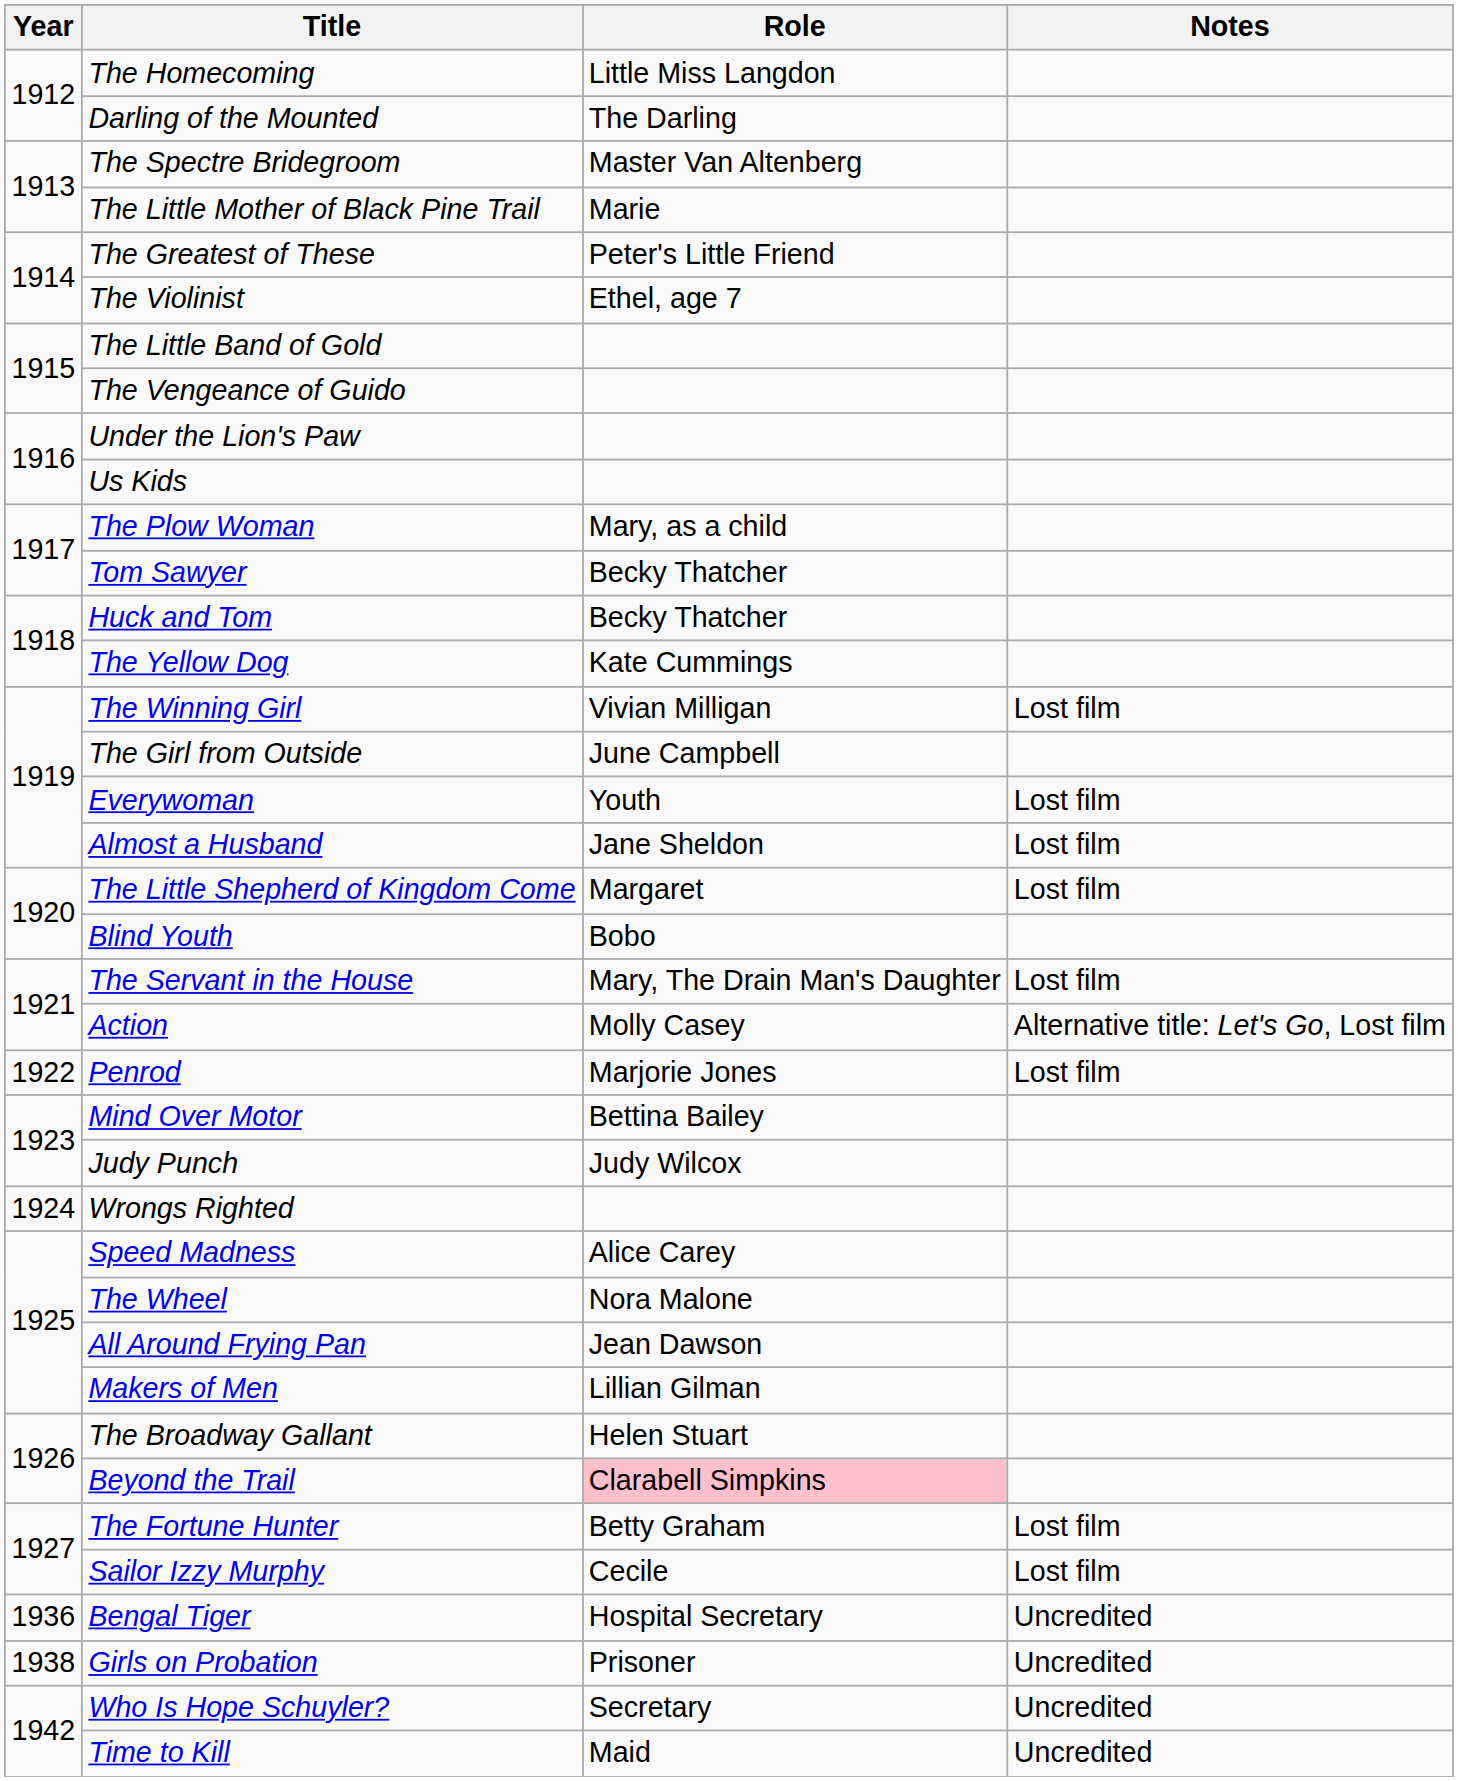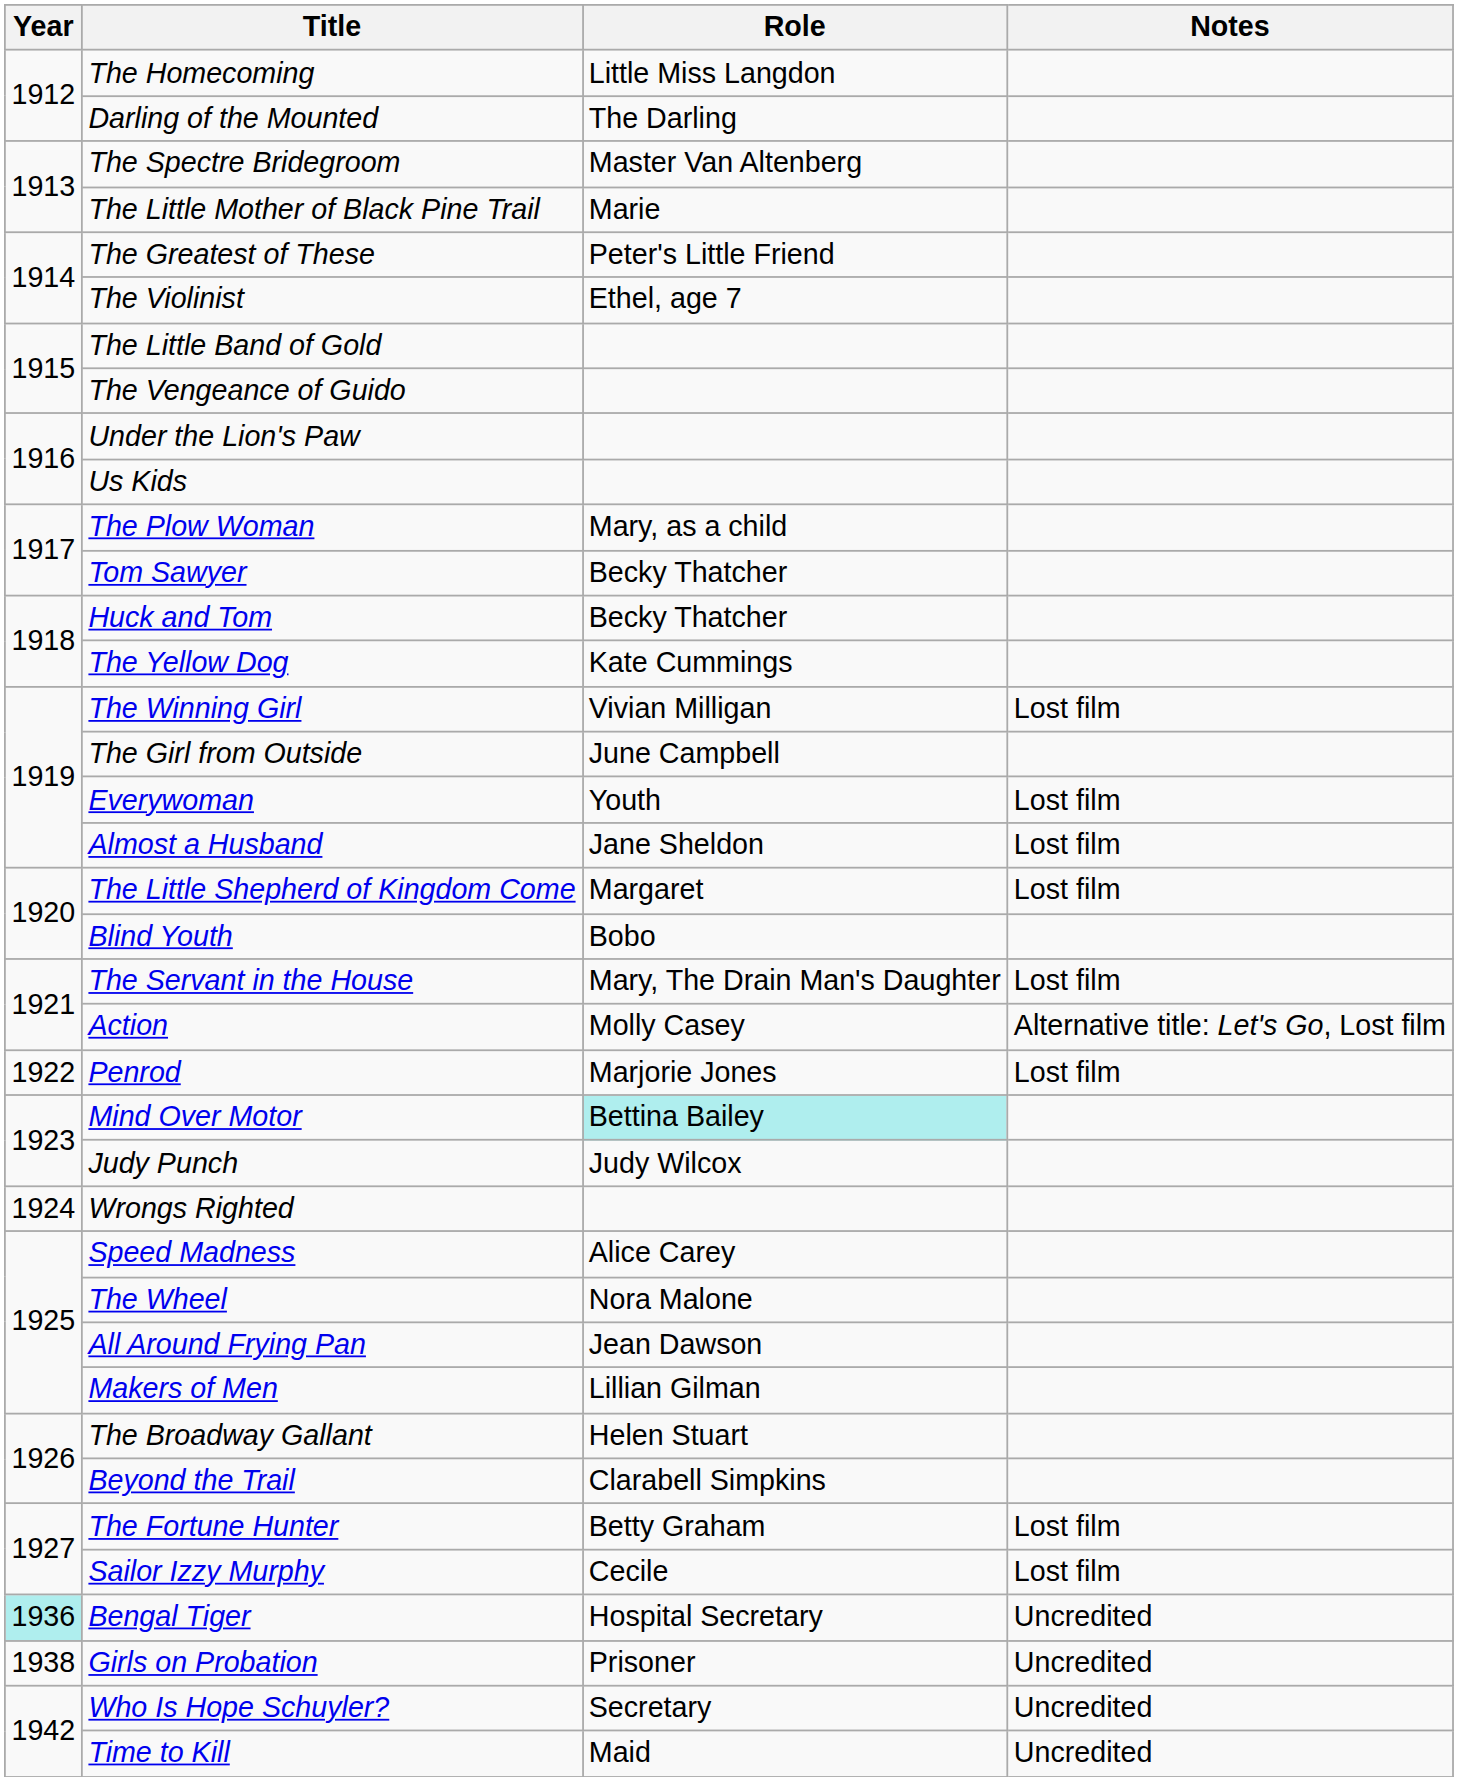 <table class="wikitable sortable">
 <tr>
 <th>Year</th>
 <th>Title</th>
 <th>Role</th>
 <th class="unsortable">Notes</th>
 </tr>
 <tr>
 <td rowspan=2>1912</td>
 <td><em>The Homecoming</em></td>
 <td>Little Miss Langdon</td>
 <td></td>
 </tr>
 <tr>
 <td><em>Darling of the Mounted</em></td>
 <td>The Darling</td>
 <td></td>
 </tr>
 <tr>
 <td rowspan=2>1913</td>
 <td><em>The Spectre Bridegroom</em></td>
 <td>Master Van Altenberg</td>
 <td></td>
 </tr>
 <tr>
 <td><em>The Little Mother of Black Pine Trail</em></td>
 <td>Marie</td>
 <td></td>
 </tr>
 <tr>
 <td rowspan=2>1914</td>
 <td><em>The Greatest of These</em></td>
 <td>Peter's Little Friend</td>
 <td></td>
 </tr>
 <tr>
 <td><em>The Violinist</em></td>
 <td>Ethel, age 7</td>
 <td></td>
 </tr>
 <tr>
 <td rowspan=2>1915</td>
 <td><em>The Little Band of Gold</em></td>
 <td></td>
 <td></td>
 </tr>
 <tr>
 <td><em>The Vengeance of Guido</em></td>
 <td></td>
 <td></td>
 </tr>
 <tr>
 <td rowspan=2>1916</td>
 <td><em>Under the Lion's Paw</em></td>
 <td></td>
 <td></td>
 </tr>
 <tr>
 <td><em>Us Kids</em></td>
 <td></td>
 <td></td>
 </tr>
 <tr>
 <td rowspan=2>1917</td>
 <td><em><a href='#'>The Plow Woman</a></em></td>
 <td>Mary, as a child</td>
 <td></td>
 </tr>
 <tr>
 <td><em><a href='#'>Tom Sawyer</a></em></td>
 <td>Becky Thatcher</td>
 <td></td>
 </tr>
 <tr>
 <td rowspan=2>1918</td>
 <td><em><a href='#'>Huck and Tom</a></em></td>
 <td>Becky Thatcher</td>
 <td></td>
 </tr>
 <tr>
 <td><em><a href='#'>The Yellow Dog</a></em></td>
 <td>Kate Cummings</td>
 <td></td>
 </tr>
 <tr>
 <td rowspan=4>1919</td>
 <td><em><a href='#'>The Winning Girl</a></em></td>
 <td>Vivian Milligan</td>
 <td>Lost film</td>
 </tr>
 <tr>
 <td><em>The Girl from Outside</em></td>
 <td>June Campbell</td>
 <td></td>
 </tr>
 <tr>
 <td><em><a href='#'>Everywoman</a></em></td>
 <td>Youth</td>
 <td>Lost film</td>
 </tr>
 <tr>
 <td><em><a href='#'>Almost a Husband</a></em></td>
 <td>Jane Sheldon</td>
 <td>Lost film</td>
 </tr>
 <tr>
 <td rowspan=2>1920</td>
 <td><em><a href='#'>The Little Shepherd of Kingdom Come</a></em></td>
 <td>Margaret</td>
 <td>Lost film</td>
 </tr>
 <tr>
 <td><em><a href='#'>Blind Youth</a></em></td>
 <td>Bobo</td>
 <td></td>
 </tr>
 <tr>
 <td rowspan=2>1921</td>
 <td><em><a href='#'>The Servant in the House</a></em></td>
 <td>Mary, The Drain Man's Daughter</td>
 <td>Lost film</td>
 </tr>
 <tr>
 <td><em><a href='#'>Action</a></em></td>
 <td>Molly Casey</td>
 <td>Alternative title: <em>Let's Go</em>, Lost film</td>
 </tr>
 <tr>
 <td>1922</td>
 <td><em><a href='#'>Penrod</a></em></td>
 <td>Marjorie Jones</td>
 <td>Lost film</td>
 </tr>
 <tr>
 <td rowspan=2>1923</td>
 <td><em><a href='#'>Mind Over Motor</a></em></td>
-<td>Bettina Bailey</td>
+<td style="background: paleturquoise;">Bettina Bailey</td>
 <td></td>
 </tr>
 <tr>
 <td><em>Judy Punch</em></td>
 <td>Judy Wilcox</td>
 <td></td>
 </tr>
 <tr>
 <td>1924</td>
 <td><em>Wrongs Righted</em></td>
 <td></td>
 <td></td>
 </tr>
 <tr>
 <td rowspan=4>1925</td>
 <td><em><a href='#'>Speed Madness</a></em></td>
 <td>Alice Carey</td>
 <td></td>
 </tr>
 <tr>
 <td><em><a href='#'>The Wheel</a></em></td>
 <td>Nora Malone</td>
 <td></td>
 </tr>
 <tr>
 <td><em><a href='#'>All Around Frying Pan</a></em></td>
 <td>Jean Dawson</td>
 <td></td>
 </tr>
 <tr>
 <td><em><a href='#'>Makers of Men</a></em></td>
 <td>Lillian Gilman</td>
 <td></td>
 </tr>
 <tr>
 <td rowspan=2>1926</td>
 <td><em>The Broadway Gallant</em></td>
 <td>Helen Stuart</td>
 <td></td>
 </tr>
 <tr>
 <td><em><a href='#'>Beyond the Trail</a></em></td>
-<td style="background: pink;">Clarabell Simpkins</td>
+<td>Clarabell Simpkins</td>
 <td></td>
 </tr>
 <tr>
 <td rowspan=2>1927</td>
 <td><em><a href='#'>The Fortune Hunter</a></em></td>
 <td>Betty Graham</td>
 <td>Lost film</td>
 </tr>
 <tr>
 <td><em><a href='#'>Sailor Izzy Murphy</a></em></td>
 <td>Cecile</td>
 <td>Lost film</td>
 </tr>
 <tr>
-<td>1936</td>
+<td style="background: paleturquoise;">1936</td>
 <td><em><a href='#'>Bengal Tiger</a></em></td>
 <td>Hospital Secretary</td>
 <td>Uncredited</td>
 </tr>
 <tr>
 <td>1938</td>
 <td><em><a href='#'>Girls on Probation</a></em></td>
 <td>Prisoner</td>
 <td>Uncredited</td>
 </tr>
 <tr>
 <td rowspan=2>1942</td>
 <td><em><a href='#'>Who Is Hope Schuyler?</a></em></td>
 <td>Secretary</td>
 <td>Uncredited</td>
 </tr>
 <tr>
 <td><em><a href='#'>Time to Kill</a></em></td>
 <td>Maid</td>
 <td>Uncredited</td>
 </tr>
 </table>
